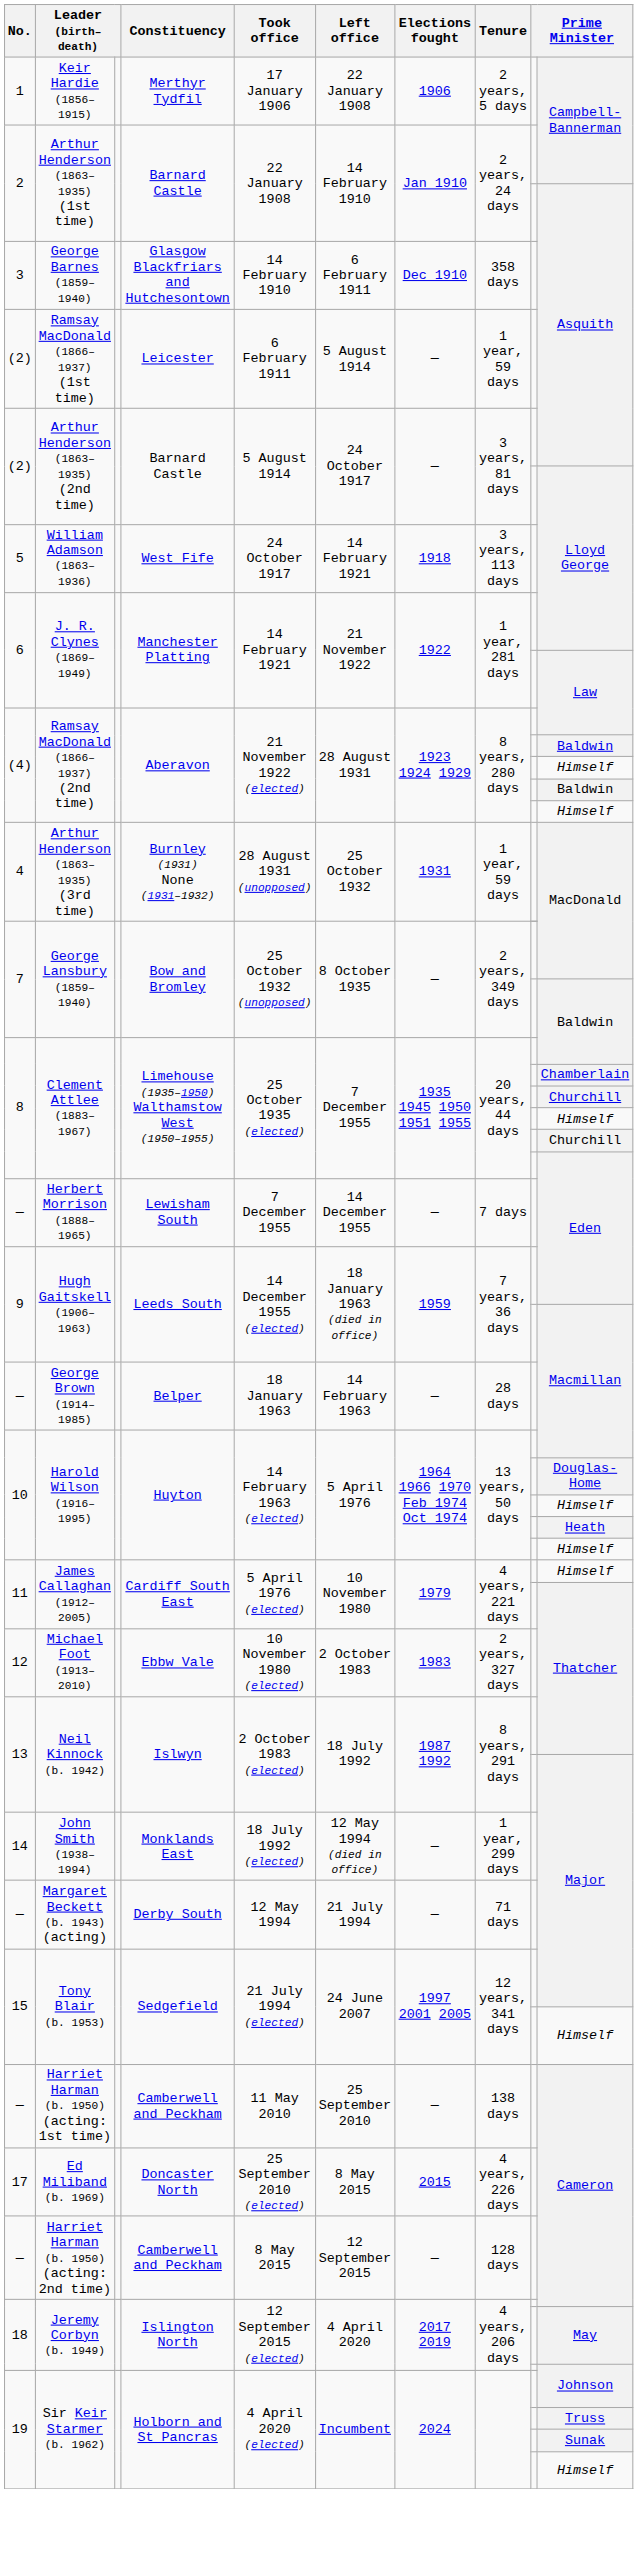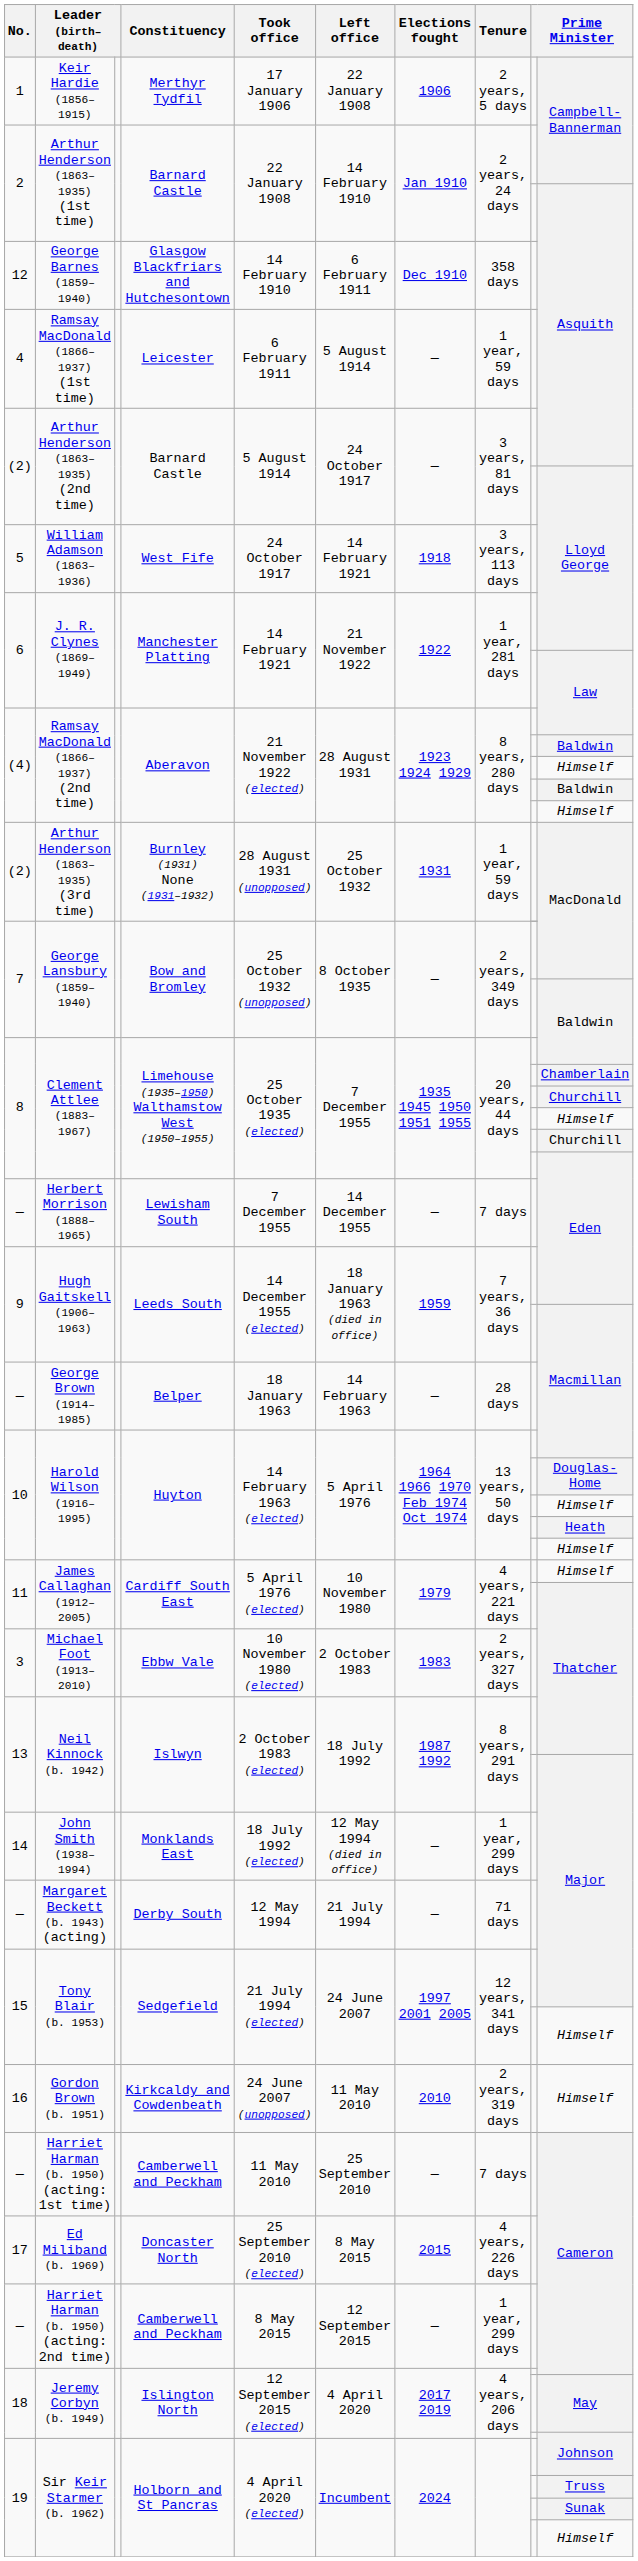 <table class="wikitable sortable" style="text-align:center">
 <tr>
 <th>No.</th>
 <th colspan="2">Leader<br><small>(birth–death)</small></th>
 <th>Constituency</th>
 <th>Took office</th>
 <th>Left office</th>
 <th>Elections fought</th>
 <th>Tenure</th>
 <th colspan="2"><a href='#'>Prime Minister</a> </th>
 </tr>
 <tr>
 <td>1</td>
 <td><a href='#'>Keir Hardie</a><br><small>(1856–1915)</small></td>
 <td></td>
 <td><a href='#'>Merthyr Tydfil</a></td>
 <td>17 January 1906</td>
 <td>22 January 1908</td>
 <td><a href='#'>1906</a></td>
 <td>2 years, 5 days</td>
 <td style="background-color: "></td>
 <th rowspan=2 style="font-weight:normal"><a href='#'>Campbell-Bannerman</a> <small></small></th>
 </tr>
 <tr>
 <td rowspan="2">2</td>
 <td rowspan="2"><a href='#'>Arthur Henderson</a><br><small>(1863–1935)</small><br>(1st time)</td>
 <td rowspan="2"></td>
 <td rowspan="2"><a href='#'>Barnard Castle</a></td>
 <td rowspan="2">22 January 1908</td>
 <td rowspan="2">14 February 1910</td>
 <td rowspan="2"><a href='#'>Jan 1910</a></td>
 <td rowspan="2">2 years, 24 days</td>
 <td height="50" style="background-color: "></td>
 </tr>
 <tr>
 <td height=50 style="background-color: "></td>
 <th style="font-weight:normal" rowspan="4"><a href='#'>Asquith</a> <small></small></th>
 </tr>
 <tr>
-<td>3</td>
+<td>12</td>
 <td><a href='#'>George Barnes</a><br><small>(1859–1940)</small></td>
 <td></td>
 <td><a href='#'>Glasgow Blackfriars and Hutchesontown</a></td>
 <td>14 February 1910</td>
 <td>6 February 1911</td>
 <td><a href='#'>Dec 1910</a></td>
 <td>358 days</td>
 <td style="background-color: "></td>
 </tr>
 <tr>
-<td>(2)</td>
+<td>4</td>
 <td><a href='#'>Ramsay MacDonald</a><br><small>(1866–1937)</small><br>(1st time)</td>
 <td></td>
 <td><a href='#'>Leicester</a></td>
 <td>6 February 1911</td>
 <td>5 August 1914</td>
 <td>―</td>
 <td>1 year, 59 days</td>
 <td style="background-color: "></td>
 </tr>
 <tr>
 <td rowspan="2">(2)</td>
 <td rowspan="2"><a href='#'>Arthur Henderson</a><br><small>(1863–1935)</small><br>(2nd time)</td>
 <td rowspan="2"></td>
 <td rowspan="2">Barnard Castle</td>
 <td rowspan="2">5 August 1914</td>
 <td rowspan="2">24 October 1917</td>
 <td rowspan="2">―</td>
 <td rowspan="2">3 years, 81 days</td>
 <td height="50" style="background-color: "></td>
 </tr>
 <tr>
 <td height=50 style="background-color: "></td>
 <th style="font-weight:normal" rowspan="3"><a href='#'>Lloyd George</a> <small></small></th>
 </tr>
 <tr>
 <td>5</td>
 <td><a href='#'>William Adamson</a><br><small>(1863–1936)</small></td>
 <td></td>
 <td><a href='#'>West Fife</a></td>
 <td>24 October 1917</td>
 <td>14 February 1921</td>
 <td><a href='#'>1918</a></td>
 <td>3 years, 113 days</td>
 <td style="background-color: "></td>
 </tr>
 <tr>
 <td rowspan="2">6</td>
 <td rowspan="2"><a href='#'>J. R. Clynes</a><br><small>(1869–1949)</small></td>
 <td rowspan="2"></td>
 <td rowspan="2"><a href='#'>Manchester Platting</a></td>
 <td rowspan="2">14 February 1921</td>
 <td rowspan="2">21 November 1922</td>
 <td rowspan="2"><a href='#'>1922</a></td>
 <td rowspan="2">1 year, 281 days</td>
 <td height="50" style="background-color: "></td>
 </tr>
 <tr>
 <td height=50 style="background-color: "></td>
 <th style="font-weight:normal" rowspan="2"><a href='#'>Law</a> <small></small></th>
 </tr>
 <tr>
 <td rowspan="5">(4)</td>
 <td rowspan="5"><a href='#'>Ramsay MacDonald</a><br><small>(1866–1937)</small><br>(2nd time)</td>
 <td rowspan="5"></td>
 <td rowspan="5"><a href='#'>Aberavon</a></td>
 <td rowspan="5">21 November 1922<br><small><em>(<a href='#'>elected</a>)</em></small></td>
 <td rowspan="5">28 August 1931</td>
 <td rowspan="5"><a href='#'>1923</a><br><a href='#'>1924</a> <a href='#'>1929</a></td>
 <td rowspan="5">8 years, 280 days</td>
 <td height="20" style="background-color: "></td>
 </tr>
 <tr>
 <td style="background-color: "></td>
 <th style="font-weight:normal"><a href='#'>Baldwin</a> <small></small></th>
 </tr>
 <tr>
 <td style="background-color: "></td>
 <td><em>Himself</em> </td>
 </tr>
 <tr>
 <td style="background-color: "></td>
 <th style="font-weight:normal">Baldwin </th>
 </tr>
 <tr>
 <td style="background-color: "></td>
 <td><em>Himself</em> </td>
 </tr>
 <tr>
-<td>4</td>
+<td>(2)</td>
 <td><a href='#'>Arthur Henderson</a><br><small>(1863–1935)</small><br>(3rd time)</td>
 <td></td>
 <td><a href='#'>Burnley</a><br><small><em>(1931)</em></small><br>None<br><small><em>(<a href='#'>1931</a>–1932)</em></small></td>
 <td>28 August 1931<br><small><em>(<a href='#'>unopposed</a>)</em></small></td>
 <td>25 October 1932</td>
 <td><a href='#'>1931</a></td>
 <td>1 year, 59 days</td>
 <td style="background-color: "></td>
 <th style="font-weight:normal" rowspan="3">MacDonald </th>
 </tr>
 <tr>
 <td rowspan="3">7</td>
 <td rowspan="3"><a href='#'>George Lansbury</a><br><small>(1859–1940)</small></td>
 <td rowspan="3"></td>
 <td rowspan="3"><a href='#'>Bow and Bromley</a></td>
 <td rowspan="3">25 October 1932<br><small><em>(<a href='#'>unopposed</a>)</em></small></td>
 <td rowspan="3">8 October 1935</td>
 <td rowspan="3">―</td>
 <td rowspan="3">2 years, 349 days</td>
 </tr>
 <tr>
 <td height=50 style="background-color: "></td>
 </tr>
 <tr>
 <td height=50 style="background-color: "></td>
 <th style="font-weight:normal" rowspan="2">Baldwin </th>
 </tr>
 <tr>
 <td rowspan="6">8</td>
 <td rowspan="6"><a href='#'>Clement Attlee</a><br><small>(1883–1967)</small></td>
 <td rowspan="6"></td>
 <td rowspan="6"><a href='#'>Limehouse</a><br><small><em>(1935–<a href='#'>1950</a>)</em></small><br><a href='#'>Walthamstow West</a><br><small><em>(1950–1955)</em></small></td>
 <td rowspan="6">25 October 1935<br><small><em>(<a href='#'>elected</a>)</em></small></td>
 <td rowspan="6">7 December 1955</td>
 <td rowspan="6"><a href='#'>1935</a><br><a href='#'>1945</a> <a href='#'>1950</a> <a href='#'>1951</a> <a href='#'>1955</a></td>
 <td rowspan="6">20 years, 44 days</td>
 <td height="20" style="background-color: "></td>
 </tr>
 <tr>
 <td style="background-color: "></td>
 <th style="font-weight:normal"><a href='#'>Chamberlain</a> <small></small></th>
 </tr>
 <tr>
 <td style="background-color: "></td>
 <th style="font-weight:normal"><a href='#'>Churchill</a> <small></small></th>
 </tr>
 <tr>
 <td style="background-color: "></td>
 <td><em>Himself</em> </td>
 </tr>
 <tr>
 <td style="background-color: "></td>
 <th style="font-weight:normal">Churchill </th>
 </tr>
 <tr>
 <td height=20 style="background-color: "></td>
 <th style="font-weight:normal" rowspan="3"><a href='#'>Eden</a> <small></small></th>
 </tr>
 <tr>
 <td>―</td>
 <td><a href='#'>Herbert Morrison</a><br><small>(1888–1965)</small></td>
 <td></td>
 <td><a href='#'>Lewisham South</a></td>
 <td>7 December 1955</td>
 <td>14 December 1955</td>
 <td>―</td>
 <td>7 days</td>
 <td style="background-color: "></td>
 </tr>
 <tr>
 <td rowspan="2">9</td>
 <td rowspan="2"><a href='#'>Hugh Gaitskell</a><br><small>(1906–1963)</small></td>
 <td rowspan="2"></td>
 <td rowspan="2"><a href='#'>Leeds South</a></td>
 <td rowspan="2">14 December 1955<br><small><em>(<a href='#'>elected</a>)</em></small></td>
 <td rowspan="2">18 January 1963<br><small><em>(died in office)</em></small></td>
 <td rowspan="2"><a href='#'>1959</a></td>
 <td rowspan="2">7 years, 36 days</td>
 <td height="50" style="background-color: "></td>
 </tr>
 <tr>
 <td height=50 style="background-color: "></td>
 <th style="font-weight:normal" rowspan="3"><a href='#'>Macmillan</a> <small></small></th>
 </tr>
 <tr>
 <td>―</td>
 <td><a href='#'>George Brown</a><br><small>(1914–1985)</small></td>
 <td></td>
 <td><a href='#'>Belper</a></td>
 <td>18 January 1963</td>
 <td>14 February 1963</td>
 <td>―</td>
 <td>28 days</td>
 <td height="50" style="background-color: "></td>
 </tr>
 <tr>
 <td rowspan="5">10</td>
 <td rowspan="5"><a href='#'>Harold Wilson</a><br><small>(1916–1995)</small></td>
 <td rowspan="5"></td>
 <td rowspan="5"><a href='#'>Huyton</a></td>
 <td rowspan="5">14 February 1963<br><small><em>(<a href='#'>elected</a>)</em></small></td>
 <td rowspan="5">5 April 1976</td>
 <td rowspan="5"><a href='#'>1964</a><br><a href='#'>1966</a> <a href='#'>1970</a> <a href='#'>Feb 1974</a> <a href='#'>Oct 1974</a></td>
 <td rowspan="5">13 years, 50 days</td>
 <td height="20" style="background-color: "></td>
 </tr>
 <tr>
 <td style="background-color: "></td>
 <th style="font-weight:normal"><a href='#'>Douglas-Home</a> <small></small></th>
 </tr>
 <tr>
 <td style="background-color: "></td>
 <td><em>Himself</em> </td>
 </tr>
 <tr>
 <td style="background-color: "></td>
 <th style="font-weight:normal"><a href='#'>Heath</a> <small></small></th>
 </tr>
 <tr>
 <td style="background-color: "></td>
 <td><em>Himself</em> </td>
 </tr>
 <tr>
 <td rowspan="2">11</td>
 <td rowspan="2"><a href='#'>James Callaghan</a><br><small>(1912–2005)</small></td>
 <td rowspan="2"></td>
 <td rowspan="2"><a href='#'>Cardiff South East</a></td>
 <td rowspan="2">5 April 1976<br><small><em>(<a href='#'>elected</a>)</em></small></td>
 <td rowspan="2">10 November 1980</td>
 <td rowspan="2"><a href='#'>1979</a></td>
 <td rowspan="2">4 years, 221 days</td>
 <td style="background-color: "></td>
 <td><em>Himself</em> </td>
 </tr>
 <tr>
 <td height=20 style="background-color: "></td>
 <th style="font-weight:normal" rowspan="3"><a href='#'>Thatcher</a> <small></small></th>
 </tr>
 <tr>
-<td>12</td>
+<td>3</td>
 <td><a href='#'>Michael Foot</a><br><small>(1913–2010)</small></td>
 <td></td>
 <td><a href='#'>Ebbw Vale</a></td>
 <td>10 November 1980<br><small><em>(<a href='#'>elected</a>)</em></small></td>
 <td>2 October 1983</td>
 <td><a href='#'>1983</a></td>
 <td>2 years, 327 days</td>
 <td style="background-color: "></td>
 </tr>
 <tr>
 <td rowspan="2">13</td>
 <td rowspan="2"><a href='#'>Neil Kinnock</a><br><small>(b. 1942)</small></td>
 <td rowspan="2"></td>
 <td rowspan="2"><a href='#'>Islwyn</a></td>
 <td rowspan="2">2 October 1983<br><small><em>(<a href='#'>elected</a>)</em></small></td>
 <td rowspan="2">18 July 1992</td>
 <td rowspan="2"><a href='#'>1987</a><br><a href='#'>1992</a></td>
 <td rowspan="2">8 years, 291 days</td>
 <td height="50" style="background-color: "></td>
 </tr>
 <tr>
 <td height=50 style="background-color: "></td>
 <th style="font-weight:normal" rowspan="4"><a href='#'>Major</a> <small></small></th>
 </tr>
 <tr>
 <td>14</td>
 <td><a href='#'>John Smith</a><br><small>(1938–1994)</small></td>
 <td></td>
 <td><a href='#'>Monklands East</a></td>
 <td>18 July 1992<br><small><em>(<a href='#'>elected</a>)</em></small></td>
 <td>12 May 1994<br><small><em>(died in office)</em></small></td>
 <td>―</td>
 <td>1 year, 299 days</td>
 <td style="background-color: "></td>
 </tr>
 <tr>
 <td>―</td>
 <td><a href='#'>Margaret Beckett</a><br><small>(b. 1943)</small><br>(acting)</td>
 <td></td>
 <td><a href='#'>Derby South</a></td>
 <td>12 May 1994</td>
 <td>21 July 1994</td>
 <td>―</td>
 <td>71 days</td>
 <td style="background-color: "></td>
 </tr>
 <tr>
 <td rowspan="2">15</td>
 <td rowspan="2"><a href='#'>Tony Blair</a><br><small>(b. 1953)</small></td>
 <td rowspan="2"></td>
 <td rowspan="2"><a href='#'>Sedgefield</a></td>
 <td rowspan="2">21 July 1994<br><small><em>(<a href='#'>elected</a>)</em></small></td>
 <td rowspan="2">24 June 2007</td>
 <td rowspan="2"><a href='#'>1997</a><br><a href='#'>2001</a> <a href='#'>2005</a></td>
 <td rowspan="2">12 years, 341 days</td>
 <td height="50" style="background-color: "></td>
 </tr>
 <tr>
 <td height=50 style="background-color: "></td>
 <td><em>Himself</em> <small></small></td>
 </tr>
 <tr>
+<td>16</td>
+<td><a href='#'>Gordon Brown</a><br><small>(b. 1951)</small></td>
+<td></td>
+<td><a href='#'>Kirkcaldy and Cowdenbeath</a></td>
+<td>24 June 2007<br><small><em>(<a href='#'>unopposed</a>)</em></small></td>
+<td>11 May 2010</td>
+<td><a href='#'>2010</a></td>
+<td>2 years, 319 days</td>
+<td height="50" style="background-color: "></td>
+<td><em>Himself</em> <small></small></td>
+</tr>
+<tr>
 <td>―</td>
 <td><a href='#'>Harriet Harman</a><br><small>(b. 1950)</small><br>(acting: 1st time)</td>
 <td></td>
 <td><a href='#'>Camberwell and Peckham</a></td>
 <td>11 May 2010</td>
 <td>25 September 2010</td>
 <td>―</td>
-<td>138 days</td>
+<td>7 days</td>
 <td style="background-color: "></td>
 <th style="font-weight:normal" rowspan="4"><a href='#'>Cameron</a> <small></small></th>
 </tr>
 <tr>
 <td>17</td>
 <td><a href='#'>Ed Miliband</a><br><small>(b. 1969)</small></td>
 <td></td>
 <td><a href='#'>Doncaster North</a></td>
 <td>25 September 2010<br><small><em>(<a href='#'>elected</a>)</em></small></td>
 <td>8 May 2015</td>
 <td><a href='#'>2015</a></td>
 <td>4 years, 226 days</td>
 <td style="background-color: "></td>
 </tr>
 <tr>
 <td>―</td>
 <td><a href='#'>Harriet Harman</a><br><small>(b. 1950)</small><br>(acting: 2nd time)</td>
 <td></td>
 <td><a href='#'>Camberwell and Peckham</a></td>
 <td>8 May 2015</td>
 <td>12 September 2015</td>
 <td>―</td>
-<td>128 days</td>
+<td>1 year, 299 days</td>
 <td style="background-color: "></td>
 </tr>
 <tr>
 <td rowspan="3">18</td>
 <td rowspan="3"><a href='#'>Jeremy Corbyn</a><br><small>(b. 1949)</small></td>
 <td rowspan="3"></td>
 <td rowspan="3"><a href='#'>Islington North</a></td>
 <td rowspan="3">12 September 2015<br><small><em>(<a href='#'>elected</a>)</em></small></td>
 <td rowspan="3">4 April 2020</td>
 <td rowspan="3"><a href='#'>2017</a><br><a href='#'>2019</a></td>
 <td rowspan="3">4 years, 206 days</td>
 <td style="background-color: "></td>
 </tr>
 <tr>
 <td height=50 style="background-color: "></td>
 <th style="font-weight:normal"><a href='#'>May</a> <small></small></th>
 </tr>
 <tr>
 <td style="background-color: "></td>
 <th rowspan="2" style="font-weight:normal"><a href='#'>Johnson</a> <small></small></th>
 </tr>
 <tr>
 <td rowspan="4">19</td>
 <td rowspan="4">Sir <a href='#'>Keir Starmer</a><br><small>(b. 1962)</small></td>
 <td rowspan="4"></td>
 <td rowspan="4"><a href='#'>Holborn and St Pancras</a></td>
 <td rowspan="4">4 April 2020<br><small><em>(<a href='#'>elected</a>)</em></small></td>
 <td rowspan="4"><a href='#'>Incumbent</a></td>
 <td rowspan="4"><a href='#'>2024</a></td>
 <td rowspan="4"></td>
 <td height="30" style="background-color: "></td>
 </tr>
 <tr>
 <td style="background-color: "></td>
 <th style="font-weight:normal"><a href='#'>Truss</a> <small></small></th>
 </tr>
 <tr>
 <td style="background-color: "></td>
 <th style="font-weight:normal"><a href='#'>Sunak</a> <small></small></th>
 </tr>
 <tr>
 <td height=30 style="background-color: "></td>
 <td><em>Himself</em> <small></small></td>
 </tr>
 </table>
